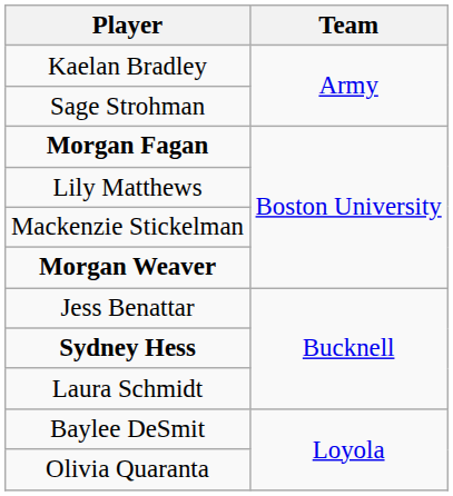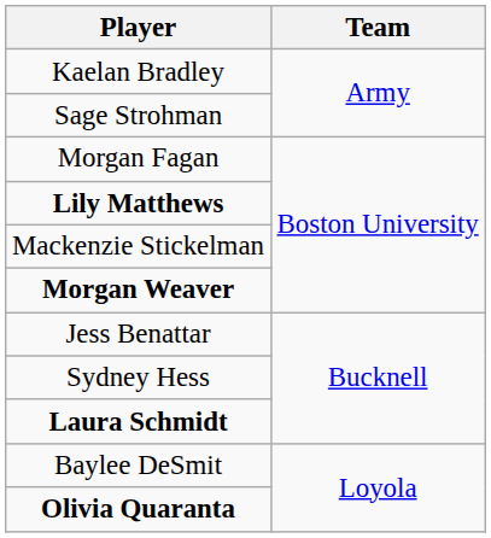 <table class="wikitable" style="text-align: center;">
 <tr>
 <th>Player</th>
 <th>Team</th>
 </tr>
 <tr>
 <td>Kaelan Bradley</td>
 <td rowspan=2><a href='#'>Army</a></td>
 </tr>
 <tr>
 <td>Sage Strohman</td>
 </tr>
 <tr>
-<td><strong>Morgan Fagan</strong></td>
+<td>Morgan Fagan</td>
 <td rowspan=4><a href='#'>Boston University</a></td>
 </tr>
 <tr>
-<td>Lily Matthews</td>
+<td><strong>Lily Matthews</strong></td>
 </tr>
 <tr>
 <td>Mackenzie Stickelman</td>
 </tr>
 <tr>
 <td><strong>Morgan Weaver</strong></td>
 </tr>
 <tr>
 <td>Jess Benattar</td>
 <td rowspan=3><a href='#'>Bucknell</a></td>
 </tr>
 <tr>
-<td><strong>Sydney Hess</strong></td>
+<td>Sydney Hess</td>
 </tr>
 <tr>
-<td>Laura Schmidt</td>
+<td><strong>Laura Schmidt</strong></td>
 </tr>
 <tr>
 <td>Baylee DeSmit</td>
 <td rowspan=2><a href='#'>Loyola</a></td>
 </tr>
 <tr>
-<td>Olivia Quaranta</td>
+<td><strong>Olivia Quaranta</strong></td>
 </tr>
 </table>
